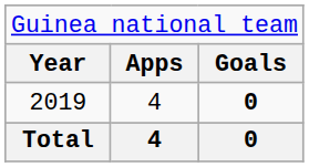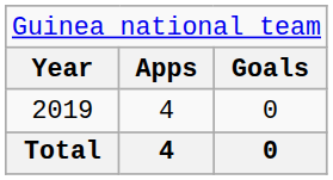 <table class="wikitable" style="text-align:center">
 <tr>
 <td colspan="3"><a href='#'>Guinea national team</a></td>
 </tr>
 <tr>
 <th>Year</th>
 <th>Apps</th>
 <th>Goals</th>
 </tr>
 <tr>
 <td>2019</td>
 <td>4</td>
-<td><strong>0</strong></td>
+<td>0</td>
 </tr>
 <tr>
 <th>Total</th>
 <th>4</th>
 <th>0</th>
 </tr>
 </table>
